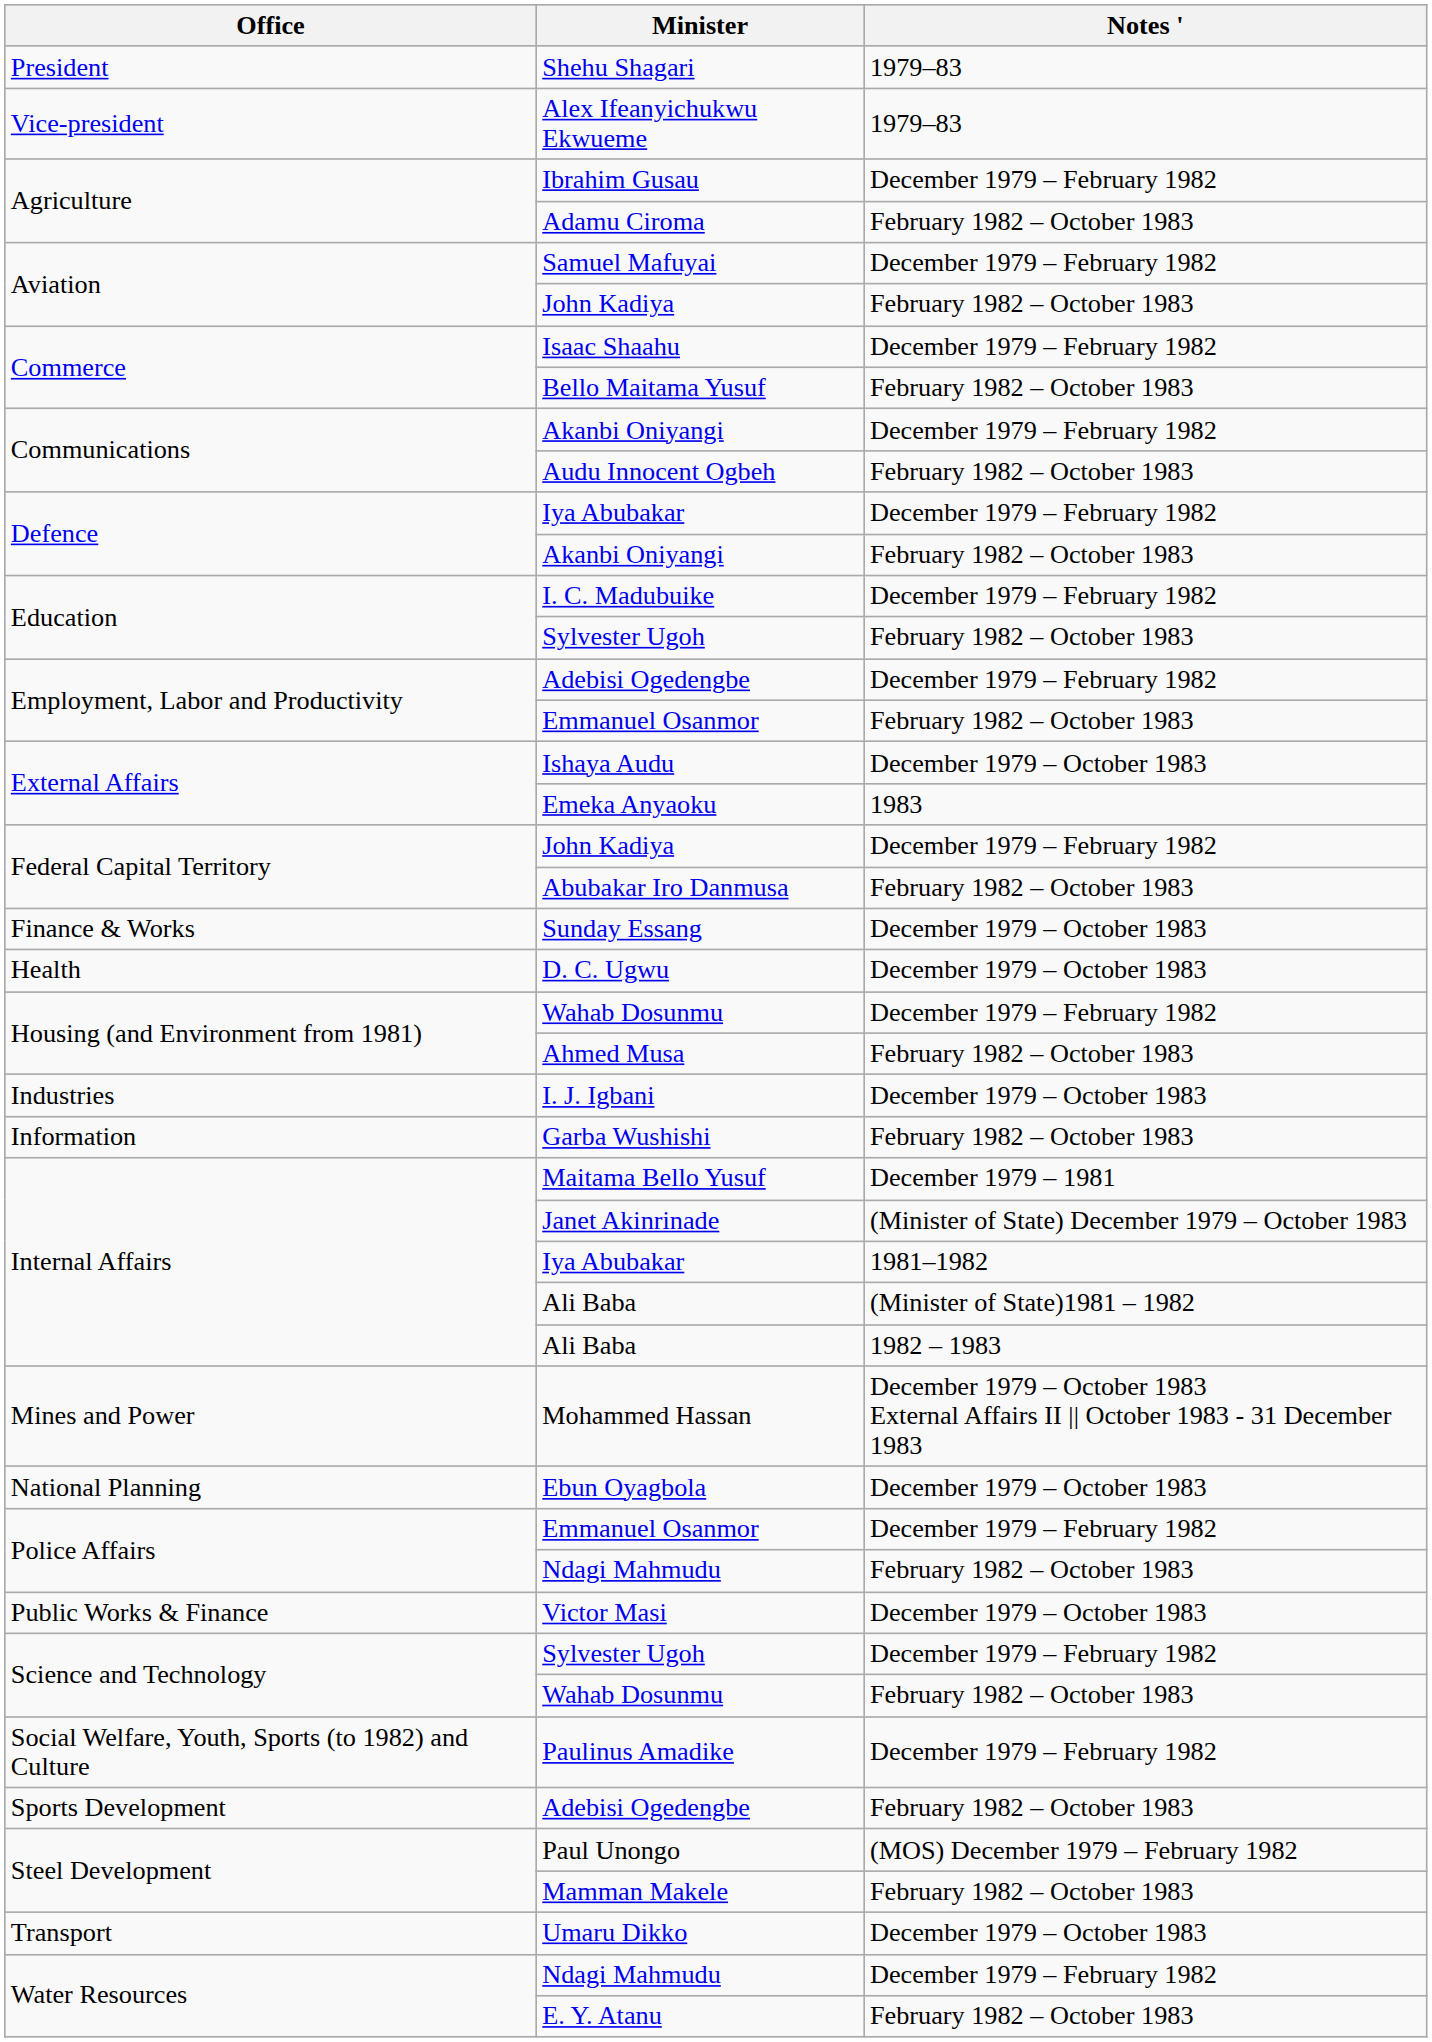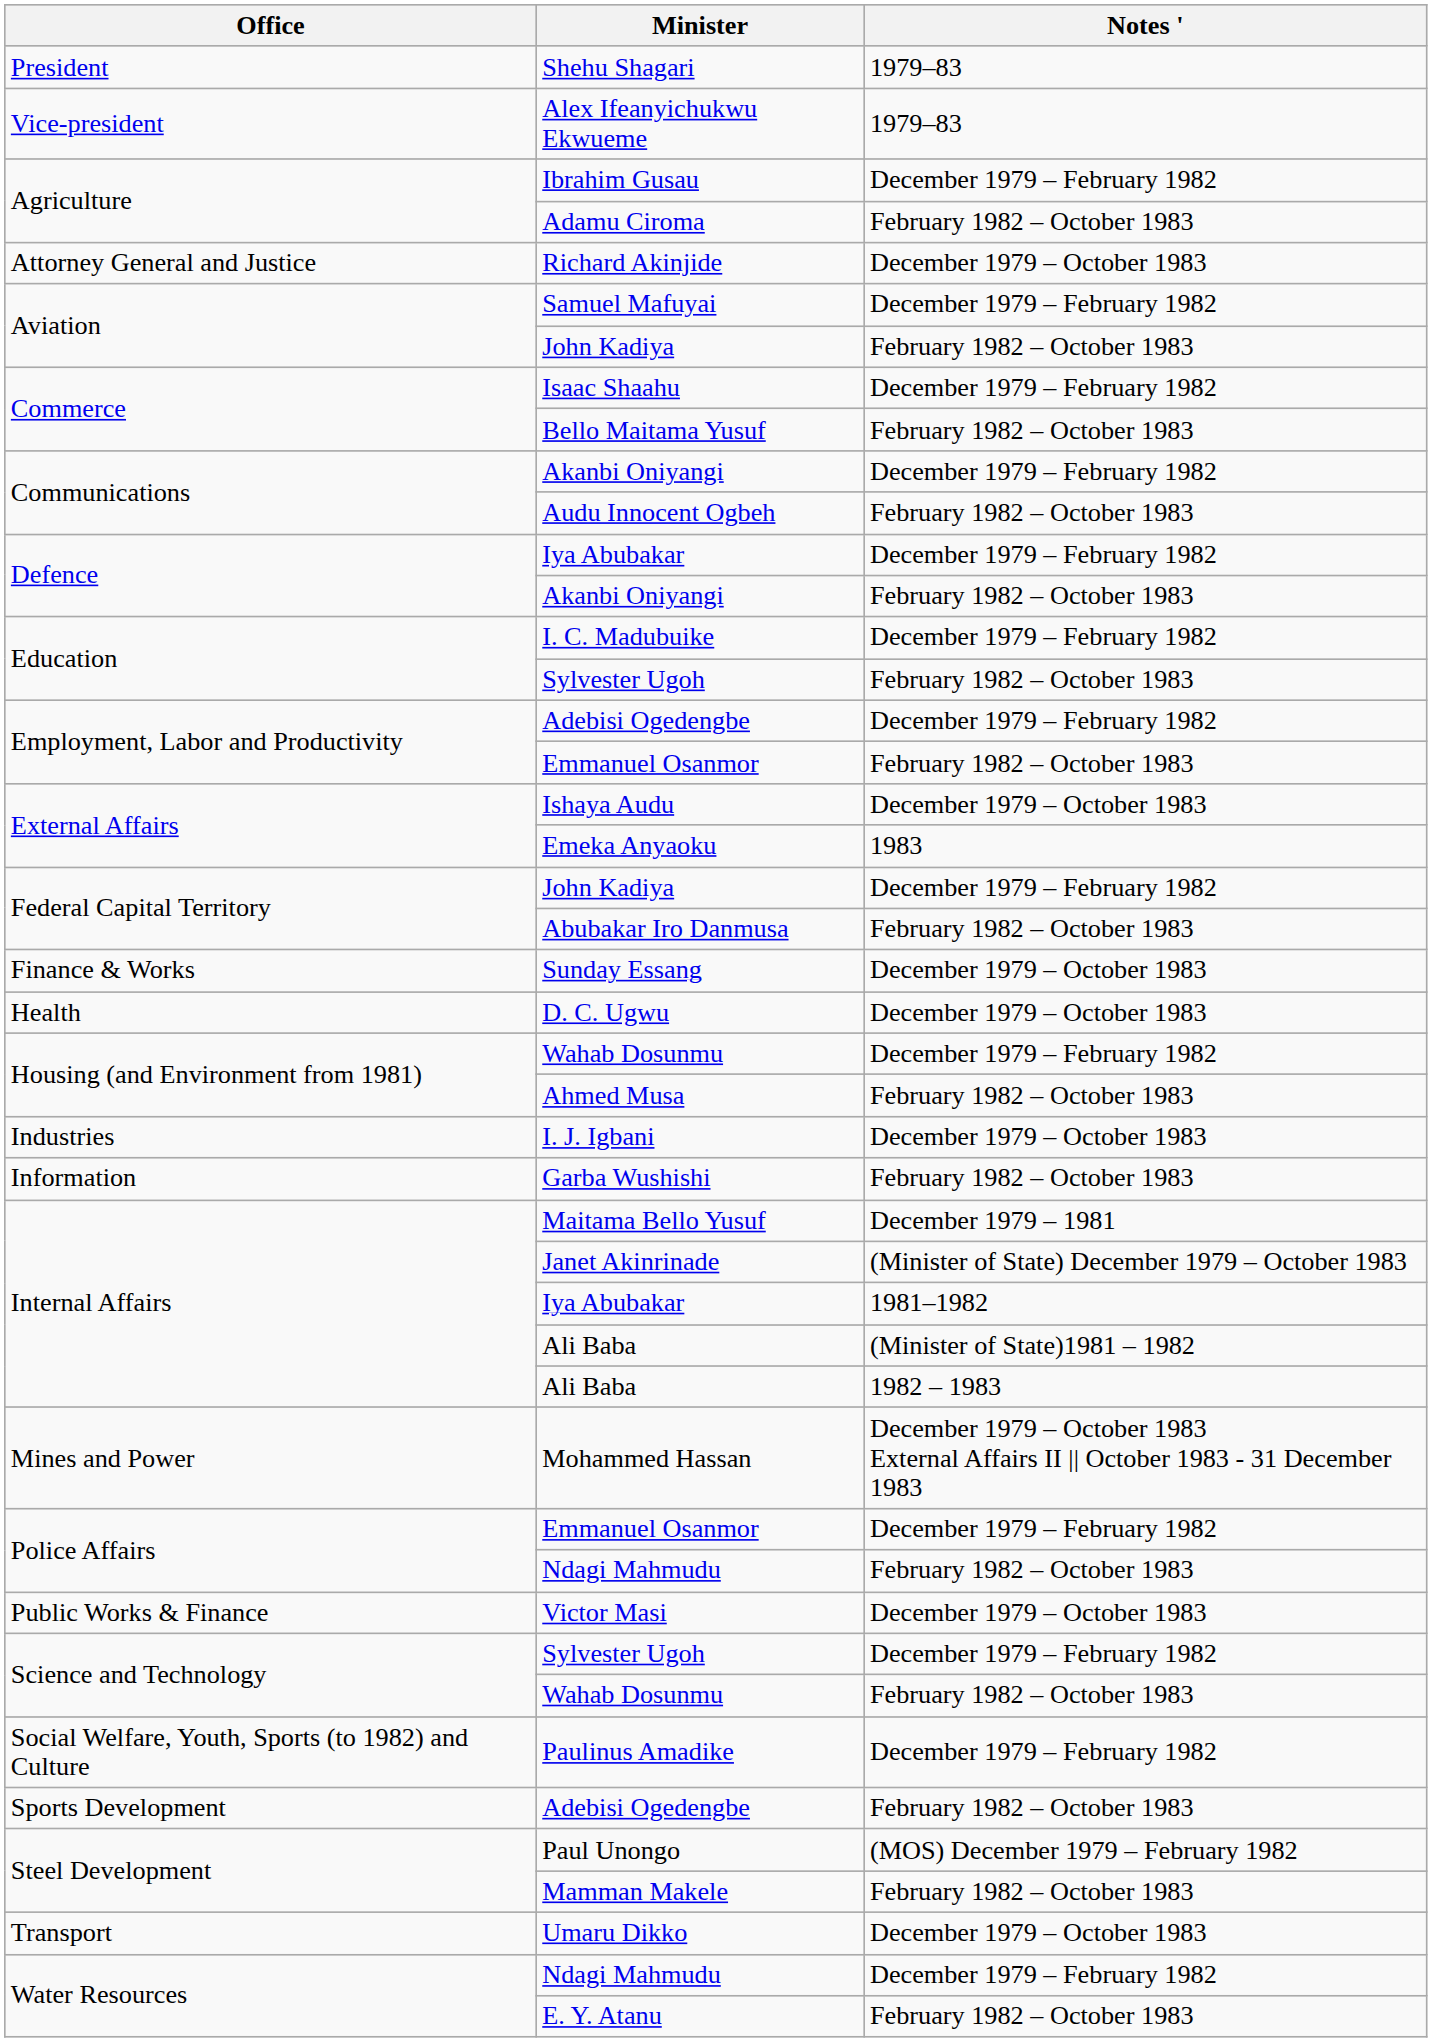 <table class="wikitable sortable">
 <tr>
 <th>Office</th>
 <th>Minister</th>
 <th>Notes '</th>
 </tr>
 <tr>
 <td><a href='#'>President</a></td>
 <td><a href='#'>Shehu Shagari</a></td>
 <td>1979–83</td>
 </tr>
 <tr>
 <td><a href='#'>Vice-president</a></td>
 <td><a href='#'>Alex Ifeanyichukwu Ekwueme</a></td>
 <td>1979–83</td>
 </tr>
 <tr>
 <td rowspan=2>Agriculture</td>
 <td><a href='#'>Ibrahim Gusau</a></td>
 <td>December 1979 – February 1982</td>
 </tr>
 <tr>
 <td><a href='#'>Adamu Ciroma</a></td>
 <td>February 1982 – October 1983</td>
+</tr>
+<tr>
+<td>Attorney General and Justice</td>
+<td><a href='#'>Richard Akinjide</a></td>
+<td>December 1979 – October 1983</td>
 </tr>
 <tr>
 <td rowspan=2>Aviation</td>
 <td><a href='#'>Samuel Mafuyai</a></td>
 <td>December 1979 – February 1982</td>
 </tr>
 <tr>
 <td><a href='#'>John Kadiya</a></td>
 <td>February 1982 – October 1983</td>
 </tr>
 <tr>
 <td rowspan=2><a href='#'>Commerce</a></td>
 <td><a href='#'>Isaac Shaahu</a></td>
 <td>December 1979 – February 1982</td>
 </tr>
 <tr>
 <td><a href='#'>Bello Maitama Yusuf</a></td>
 <td>February 1982 – October 1983</td>
 </tr>
 <tr>
 <td rowspan=2>Communications</td>
 <td><a href='#'>Akanbi Oniyangi</a></td>
 <td>December 1979 – February 1982</td>
 </tr>
 <tr>
 <td><a href='#'>Audu Innocent Ogbeh</a></td>
 <td>February 1982 – October 1983</td>
 </tr>
 <tr>
 <td rowspan=2><a href='#'>Defence</a></td>
 <td><a href='#'>Iya Abubakar</a></td>
 <td>December 1979 – February 1982</td>
 </tr>
 <tr>
 <td><a href='#'>Akanbi Oniyangi</a></td>
 <td>February 1982 – October 1983 </td>
 </tr>
 <tr>
 <td rowspan=2>Education</td>
 <td><a href='#'>I. C. Madubuike</a></td>
 <td>December 1979 – February 1982</td>
 </tr>
 <tr>
 <td><a href='#'>Sylvester Ugoh</a></td>
 <td>February 1982 – October 1983</td>
 </tr>
 <tr>
 <td rowspan=2>Employment, Labor and Productivity</td>
 <td><a href='#'>Adebisi Ogedengbe</a></td>
 <td>December 1979 – February 1982</td>
 </tr>
 <tr>
 <td><a href='#'>Emmanuel Osanmor</a></td>
 <td>February 1982 – October 1983</td>
 </tr>
 <tr>
 <td rowspan=2><a href='#'>External Affairs</a></td>
 <td><a href='#'>Ishaya Audu</a></td>
 <td>December 1979 – October 1983</td>
 </tr>
 <tr>
 <td><a href='#'>Emeka Anyaoku</a></td>
 <td>1983 </td>
 </tr>
 <tr>
 <td rowspan=2>Federal Capital Territory</td>
 <td><a href='#'>John Kadiya</a></td>
 <td>December 1979 – February 1982</td>
 </tr>
 <tr>
 <td><a href='#'>Abubakar Iro Danmusa</a></td>
 <td>February 1982 – October 1983</td>
 </tr>
 <tr>
 <td>Finance & Works</td>
 <td><a href='#'>Sunday Essang</a></td>
 <td>December 1979 – October 1983</td>
 </tr>
 <tr>
 <td>Health</td>
 <td><a href='#'>D. C. Ugwu</a></td>
 <td>December 1979 – October 1983</td>
 </tr>
 <tr>
 <td rowspan=2>Housing (and Environment from 1981)</td>
 <td><a href='#'>Wahab Dosunmu</a></td>
 <td>December 1979 – February 1982</td>
 </tr>
 <tr>
 <td><a href='#'>Ahmed Musa</a></td>
 <td>February 1982 – October 1983</td>
 </tr>
 <tr>
 <td>Industries</td>
 <td><a href='#'>I. J. Igbani</a></td>
 <td>December 1979 – October 1983</td>
 </tr>
 <tr>
 <td>Information</td>
 <td><a href='#'>Garba Wushishi</a></td>
 <td>February 1982 – October 1983</td>
 </tr>
 <tr>
 <td rowspan=5>Internal Affairs</td>
 <td><a href='#'>Maitama Bello Yusuf</a></td>
 <td>December 1979 – 1981</td>
 </tr>
 <tr>
 <td><a href='#'>Janet Akinrinade</a></td>
 <td>(Minister of State) December 1979 – October 1983</td>
 </tr>
 <tr>
 <td><a href='#'>Iya Abubakar</a></td>
 <td>1981–1982</td>
 </tr>
 <tr>
 <td>Ali Baba</td>
 <td>(Minister of State)1981 – 1982</td>
 </tr>
 <tr>
 <td>Ali Baba</td>
 <td>1982 – 1983</td>
 </tr>
 <tr>
 <td>Mines and Power</td>
 <td><span>Mohammed Hassan</span></td>
 <td>December 1979 – October 1983<br>External Affairs II || October 1983  - 31 December 1983 </td>
 </tr>
 <tr>
-<td>National Planning</td>
-<td><a href='#'>Ebun Oyagbola</a></td>
-<td>December 1979 – October 1983</td>
-</tr>
-<tr>
 <td rowspan=2>Police Affairs</td>
 <td><a href='#'>Emmanuel Osanmor</a></td>
 <td>December 1979 – February 1982</td>
 </tr>
 <tr>
 <td><a href='#'>Ndagi Mahmudu</a></td>
 <td>February 1982 – October 1983</td>
 </tr>
 <tr>
 <td>Public Works & Finance</td>
 <td><a href='#'>Victor Masi</a></td>
 <td>December 1979 – October 1983</td>
 </tr>
 <tr>
 <td rowspan=2>Science and Technology</td>
 <td><a href='#'>Sylvester Ugoh</a></td>
 <td>December 1979 – February 1982</td>
 </tr>
 <tr>
 <td><a href='#'>Wahab Dosunmu</a></td>
 <td>February 1982 – October 1983</td>
 </tr>
 <tr>
 <td>Social Welfare, Youth, Sports (to 1982) and Culture</td>
 <td><a href='#'>Paulinus Amadike</a></td>
 <td>December 1979 – February 1982</td>
 </tr>
 <tr>
 <td>Sports Development</td>
 <td><a href='#'>Adebisi Ogedengbe</a></td>
 <td>February 1982 – October 1983</td>
 </tr>
 <tr>
 <td rowspan=2>Steel Development</td>
 <td>Paul Unongo</td>
 <td>(MOS) December 1979 – February 1982</td>
 </tr>
 <tr>
 <td><a href='#'>Mamman Makele</a></td>
 <td>February 1982 – October 1983</td>
 </tr>
 <tr>
 <td>Transport</td>
 <td><a href='#'>Umaru Dikko</a></td>
 <td>December 1979 – October 1983</td>
 </tr>
 <tr>
 <td rowspan=2>Water Resources</td>
 <td><a href='#'>Ndagi Mahmudu</a></td>
 <td>December 1979 – February 1982</td>
 </tr>
 <tr>
 <td><a href='#'>E. Y. Atanu</a></td>
 <td>February 1982 – October 1983</td>
 </tr>
 </table>
